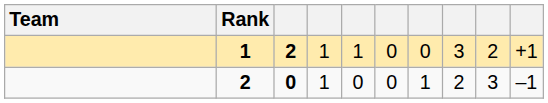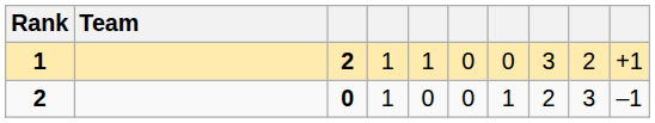 <table class="wikitable" style="text-align:center">
 <tr>
+<th width=30>Rank</th>
 <th width=165 style="text-align:left">Team</th>
-<th width=30>Rank</th>
 <th width=20></th>
 <th width=20></th>
 <th width=20></th>
 <th width=20></th>
 <th width=20></th>
 <th width=20></th>
 <th width=20></th>
 <th width=20></th>
 </tr>
 <tr bgcolor="#ffebad">
+<td><strong>1</strong></td>
 <td align="left"></td>
-<td><strong>1</strong></td>
 <td><strong>2</strong></td>
 <td>1</td>
 <td>1</td>
 <td>0</td>
 <td>0</td>
 <td>3</td>
 <td>2</td>
 <td>+1</td>
 </tr>
 <tr>
+<td><strong>2</strong></td>
 <td align="left"></td>
-<td><strong>2</strong></td>
 <td><strong>0</strong></td>
 <td>1</td>
 <td>0</td>
 <td>0</td>
 <td>1</td>
 <td>2</td>
 <td>3</td>
 <td>–1</td>
 </tr>
 </table>
